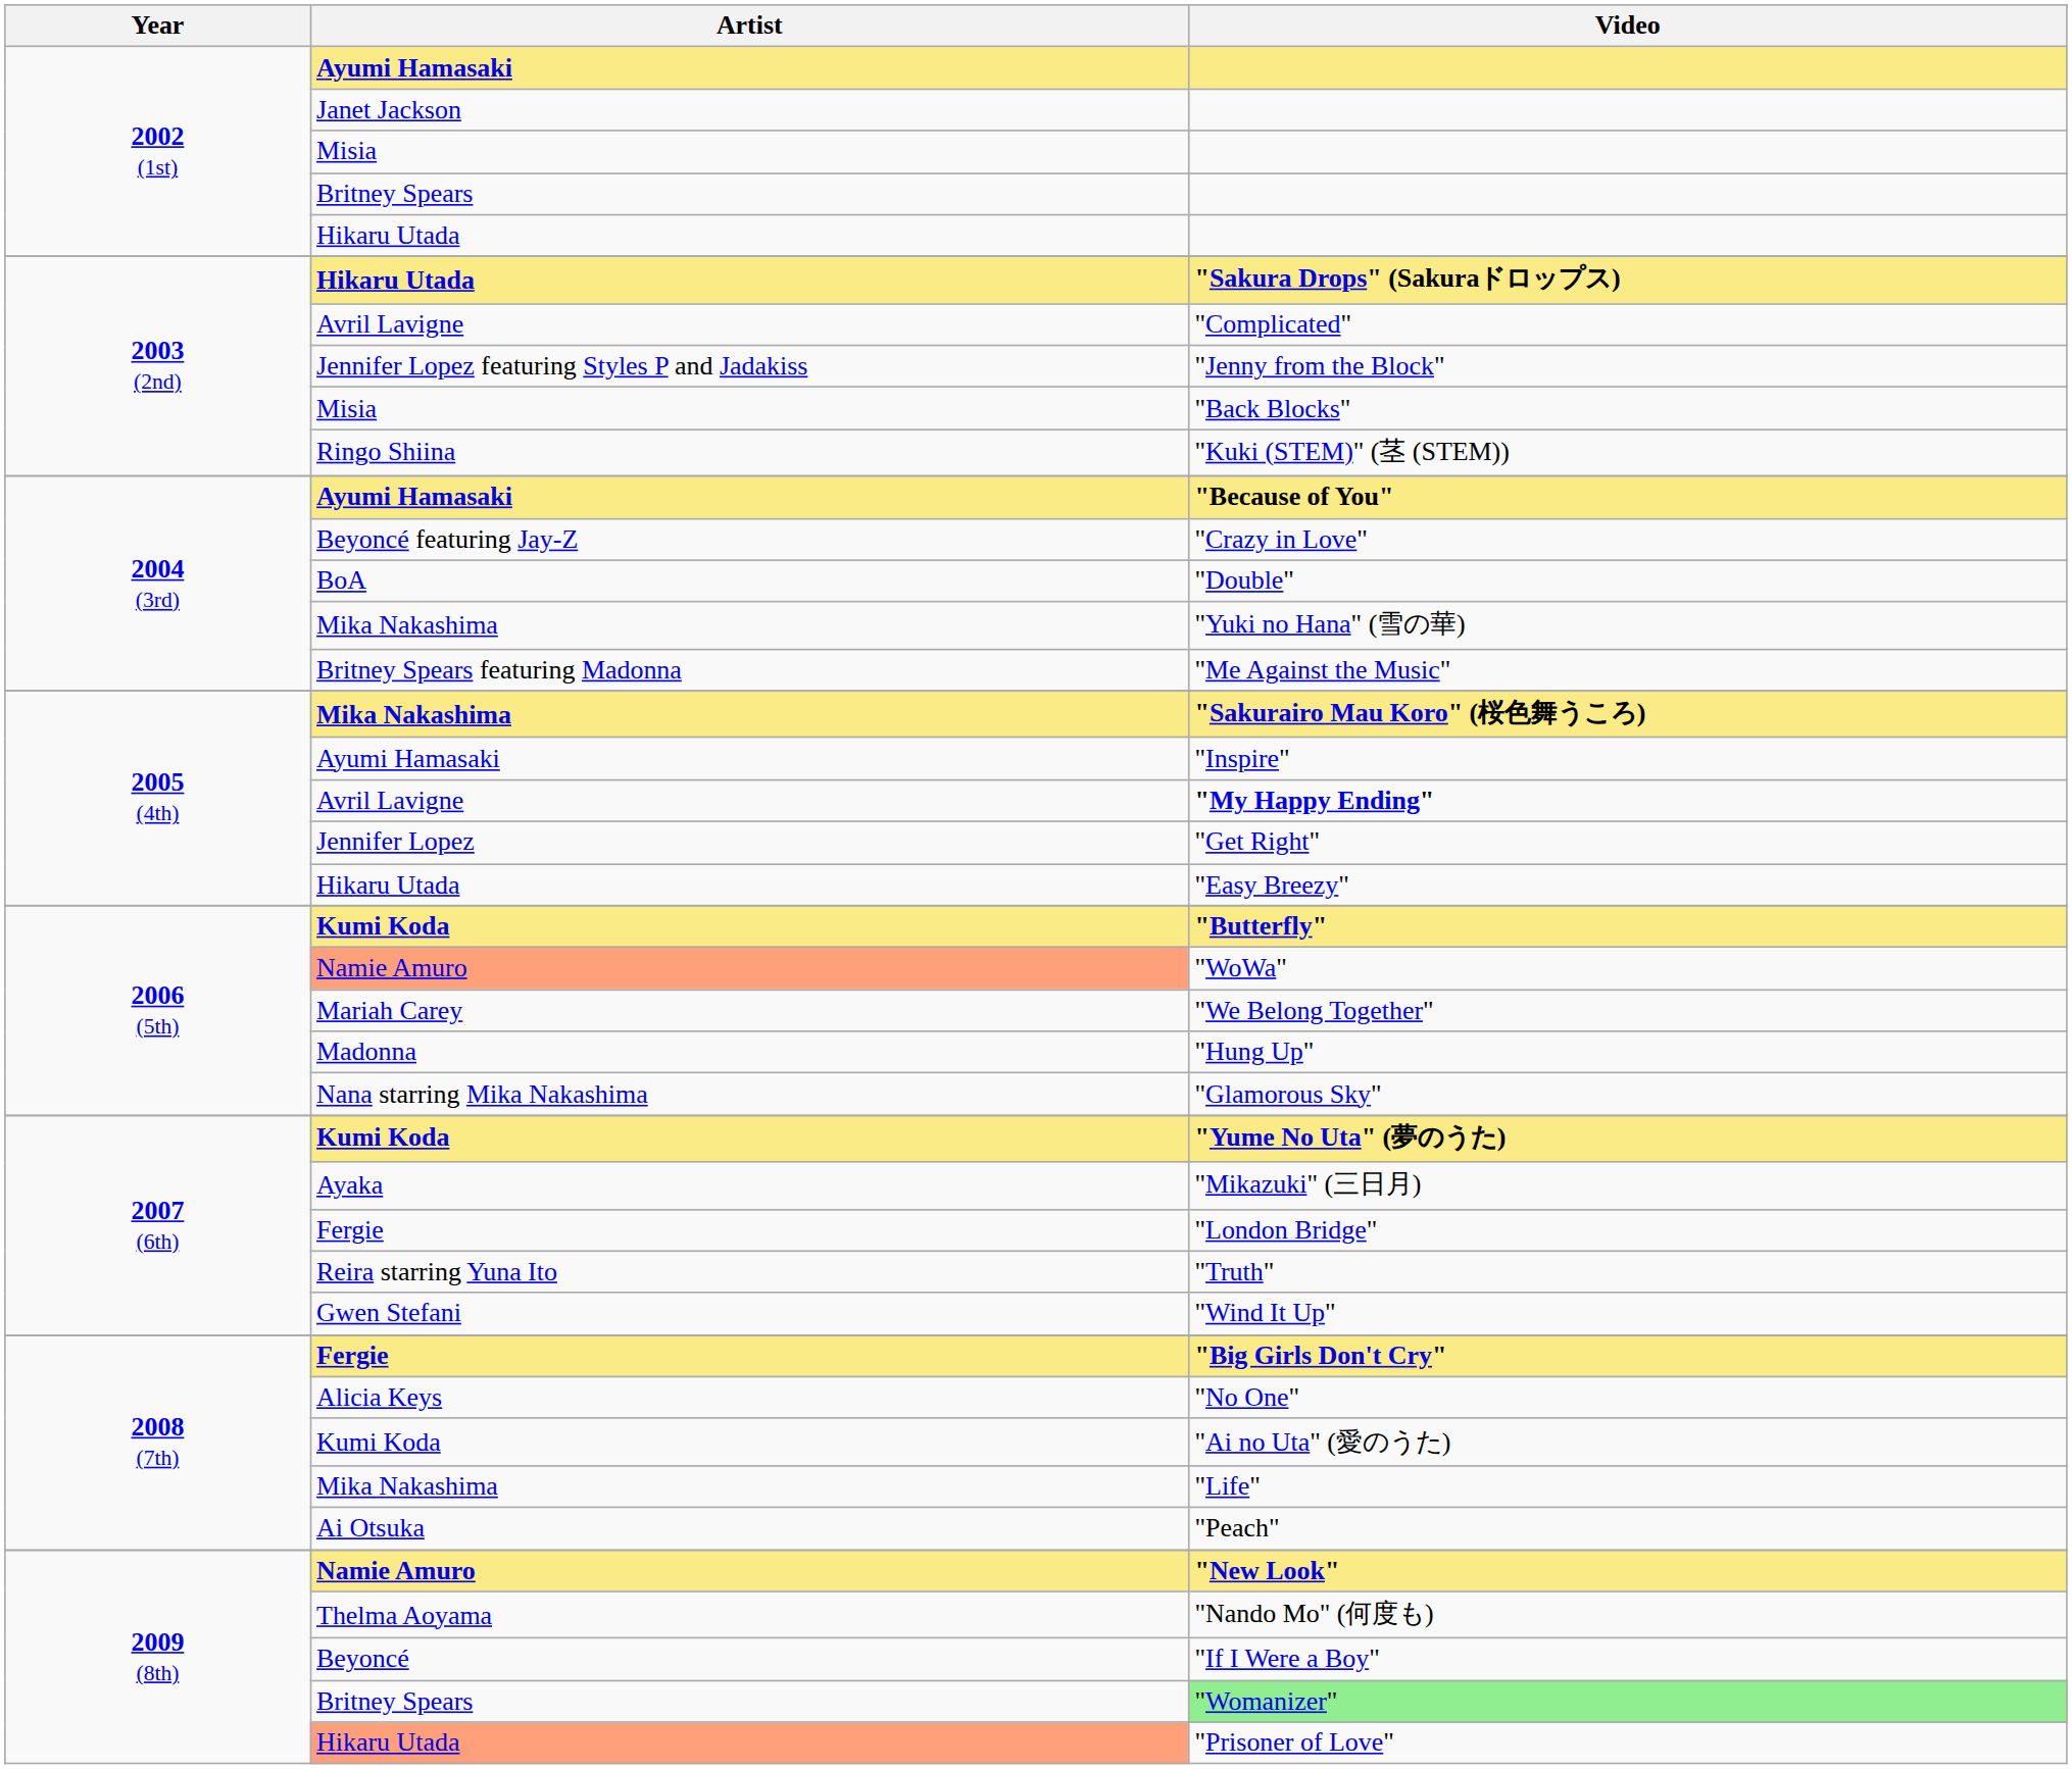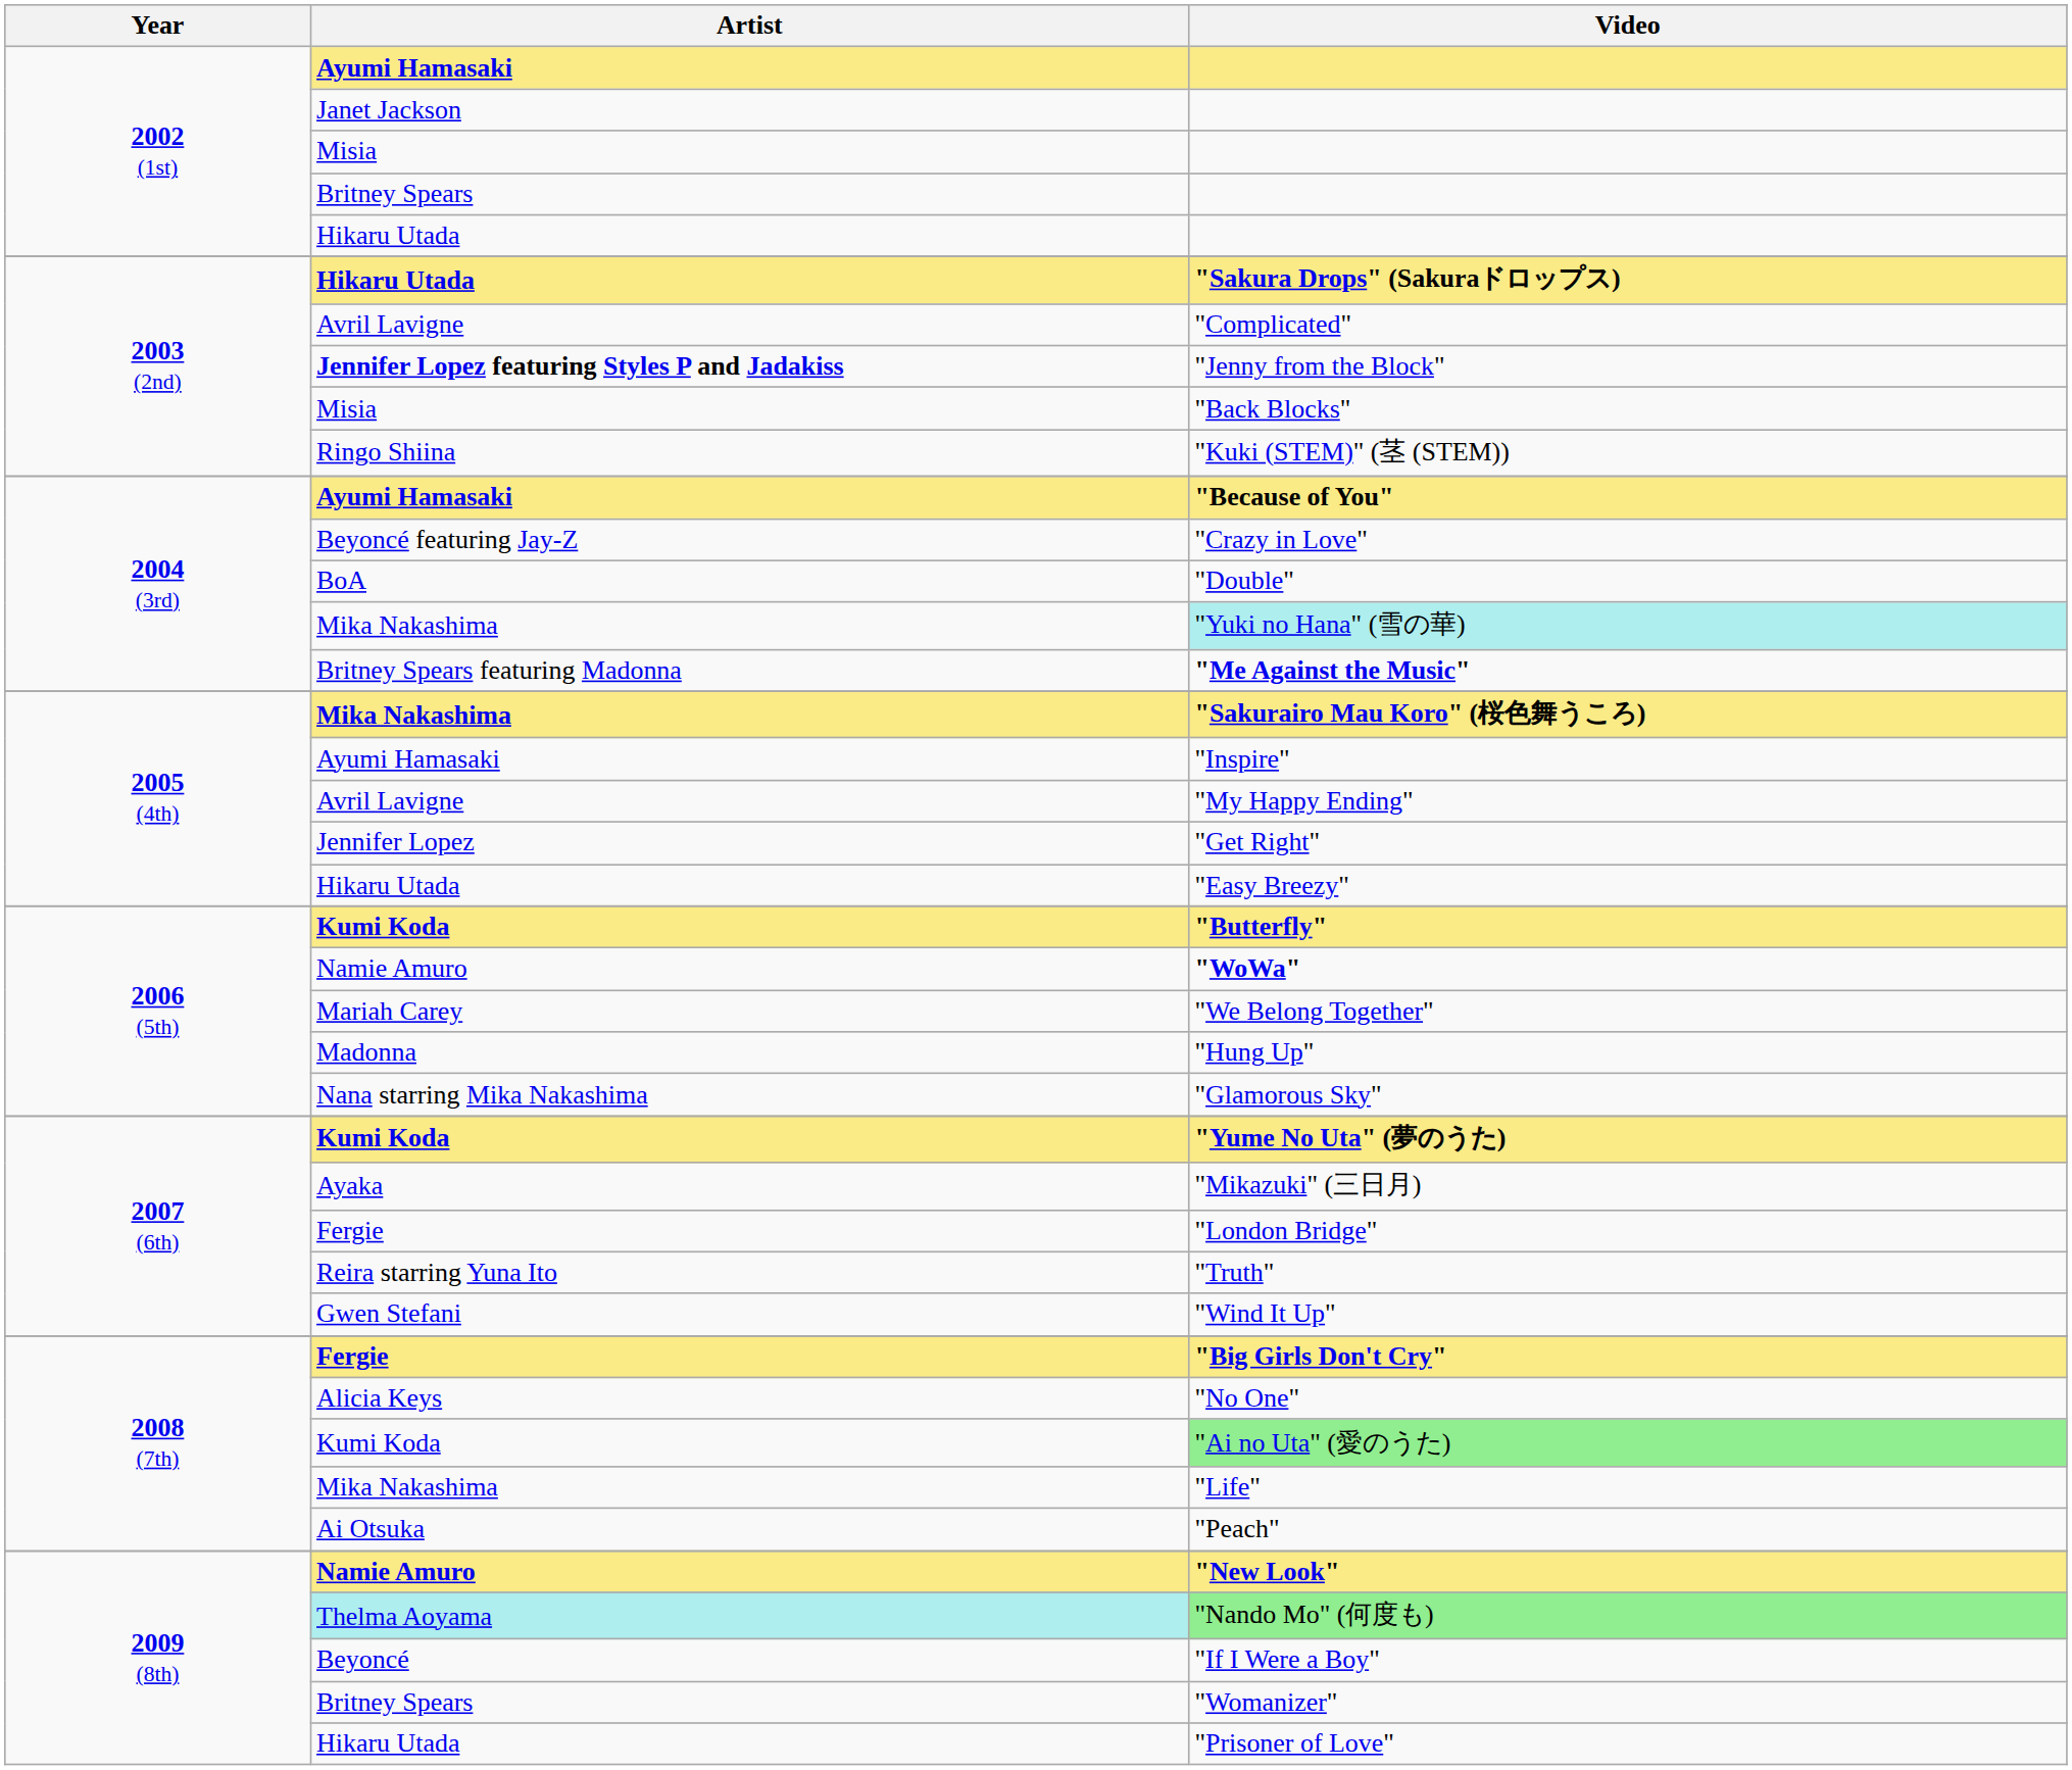 <table class="sortable wikitable">
 <tr>
 <th width="8%">Year</th>
 <th width="23%">Artist</th>
 <th width="23%">Video</th>
 </tr>
 <tr>
 <td rowspan=5 style="text-align:center"><strong><a href='#'>2002</a></strong><br><small><a href='#'>(1st)</a></small></td>
 <td style="background:#FAEB86"><strong><a href='#'>Ayumi Hamasaki</a></strong></td>
 <td style="background:#FAEB86"></td>
 </tr>
 <tr>
 <td><a href='#'>Janet Jackson</a></td>
 <td></td>
 </tr>
 <tr>
 <td><a href='#'>Misia</a></td>
 <td></td>
 </tr>
 <tr>
 <td><a href='#'>Britney Spears</a></td>
 <td></td>
 </tr>
 <tr>
 <td><a href='#'>Hikaru Utada</a></td>
 <td></td>
 </tr>
 <tr>
 </tr>
 <tr>
 <td rowspan=5 style="text-align:center"><strong><a href='#'>2003</a></strong><br><small><a href='#'>(2nd)</a></small></td>
 <td style="background:#FAEB86"><strong><a href='#'>Hikaru Utada</a></strong></td>
 <td style="background:#FAEB86"><strong>"<a href='#'>Sakura Drops</a>" (Sakuraドロップス)</strong></td>
 </tr>
 <tr>
 <td><a href='#'>Avril Lavigne</a></td>
 <td>"<a href='#'>Complicated</a>"</td>
 </tr>
 <tr>
-<td><a href='#'>Jennifer Lopez</a> featuring <a href='#'>Styles P</a> and <a href='#'>Jadakiss</a></td>
+<td><strong><a href='#'>Jennifer Lopez</a> featuring <a href='#'>Styles P</a> and <a href='#'>Jadakiss</a></strong></td>
 <td>"<a href='#'>Jenny from the Block</a>"</td>
 </tr>
 <tr>
 <td><a href='#'>Misia</a></td>
 <td>"<a href='#'>Back Blocks</a>"</td>
 </tr>
 <tr>
 <td><a href='#'>Ringo Shiina</a></td>
 <td>"<a href='#'>Kuki (STEM)</a>" (茎 (STEM))</td>
 </tr>
 <tr>
 </tr>
 <tr>
 <td rowspan=5 style="text-align:center"><strong><a href='#'>2004</a></strong><br><small><a href='#'>(3rd)</a></small></td>
 <td style="background:#FAEB86"><strong><a href='#'>Ayumi Hamasaki</a></strong></td>
 <td style="background:#FAEB86"><strong>"Because of You"</strong></td>
 </tr>
 <tr>
 <td><a href='#'>Beyoncé</a> featuring <a href='#'>Jay-Z</a></td>
 <td>"<a href='#'>Crazy in Love</a>"</td>
 </tr>
 <tr>
 <td><a href='#'>BoA</a></td>
 <td>"<a href='#'>Double</a>"</td>
 </tr>
 <tr>
 <td><a href='#'>Mika Nakashima</a></td>
-<td>"<a href='#'>Yuki no Hana</a>" (雪の華)</td>
+<td style="background: paleturquoise;">"<a href='#'>Yuki no Hana</a>" (雪の華)</td>
 </tr>
 <tr>
 <td><a href='#'>Britney Spears</a> featuring <a href='#'>Madonna</a></td>
-<td>"<a href='#'>Me Against the Music</a>"</td>
+<td><strong>"<a href='#'>Me Against the Music</a>"</strong></td>
 </tr>
 <tr>
 </tr>
 <tr>
 <td rowspan=5 style="text-align:center"><strong><a href='#'>2005</a></strong><br><small><a href='#'>(4th)</a></small></td>
 <td style="background:#FAEB86"><strong><a href='#'>Mika Nakashima</a></strong></td>
 <td style="background:#FAEB86"><strong>"<a href='#'>Sakurairo Mau Koro</a>" (桜色舞うころ)</strong></td>
 </tr>
 <tr>
 <td><a href='#'>Ayumi Hamasaki</a></td>
 <td>"<a href='#'>Inspire</a>"</td>
 </tr>
 <tr>
 <td><a href='#'>Avril Lavigne</a></td>
-<td><strong>"<a href='#'>My Happy Ending</a>"</strong></td>
+<td>"<a href='#'>My Happy Ending</a>"</td>
 </tr>
 <tr>
 <td><a href='#'>Jennifer Lopez</a></td>
 <td>"<a href='#'>Get Right</a>"</td>
 </tr>
 <tr>
 <td><a href='#'>Hikaru Utada</a></td>
 <td>"<a href='#'>Easy Breezy</a>"</td>
 </tr>
 <tr>
 </tr>
 <tr>
 <td rowspan=5 style="text-align:center"><strong><a href='#'>2006</a></strong><br><small><a href='#'>(5th)</a></small></td>
 <td style="background:#FAEB86"><strong><a href='#'>Kumi Koda</a></strong></td>
 <td style="background:#FAEB86"><strong>"<a href='#'>Butterfly</a>"</strong></td>
 </tr>
 <tr>
-<td style="background: lightsalmon;"><a href='#'>Namie Amuro</a></td>
-<td>"<a href='#'>WoWa</a>"</td>
+<td><a href='#'>Namie Amuro</a></td>
+<td><strong>"<a href='#'>WoWa</a>"</strong></td>
 </tr>
 <tr>
 <td><a href='#'>Mariah Carey</a></td>
 <td>"<a href='#'>We Belong Together</a>"</td>
 </tr>
 <tr>
 <td><a href='#'>Madonna</a></td>
 <td>"<a href='#'>Hung Up</a>"</td>
 </tr>
 <tr>
 <td><a href='#'>Nana</a> starring <a href='#'>Mika Nakashima</a></td>
 <td>"<a href='#'>Glamorous Sky</a>"</td>
 </tr>
 <tr>
 </tr>
 <tr>
 <td rowspan=5 style="text-align:center"><strong><a href='#'>2007</a></strong><br><small><a href='#'>(6th)</a></small></td>
 <td style="background:#FAEB86"><strong><a href='#'>Kumi Koda</a></strong></td>
 <td style="background:#FAEB86"><strong>"<a href='#'>Yume No Uta</a>" (夢のうた)</strong></td>
 </tr>
 <tr>
 <td><a href='#'>Ayaka</a></td>
 <td>"<a href='#'>Mikazuki</a>" (三日月)</td>
 </tr>
 <tr>
 <td><a href='#'>Fergie</a></td>
 <td>"<a href='#'>London Bridge</a>"</td>
 </tr>
 <tr>
 <td><a href='#'>Reira</a> starring <a href='#'>Yuna Ito</a></td>
 <td>"<a href='#'>Truth</a>"</td>
 </tr>
 <tr>
 <td><a href='#'>Gwen Stefani</a></td>
 <td>"<a href='#'>Wind It Up</a>"</td>
 </tr>
 <tr>
 </tr>
 <tr>
 <td rowspan=5 style="text-align:center"><strong><a href='#'>2008</a></strong><br><small><a href='#'>(7th)</a></small></td>
 <td style="background:#FAEB86"><strong><a href='#'>Fergie</a></strong></td>
 <td style="background:#FAEB86"><strong>"<a href='#'>Big Girls Don't Cry</a>"</strong></td>
 </tr>
 <tr>
 <td><a href='#'>Alicia Keys</a></td>
 <td>"<a href='#'>No One</a>"</td>
 </tr>
 <tr>
 <td><a href='#'>Kumi Koda</a></td>
-<td>"<a href='#'>Ai no Uta</a>" (愛のうた)</td>
+<td style="background: lightgreen;">"<a href='#'>Ai no Uta</a>" (愛のうた)</td>
 </tr>
 <tr>
 <td><a href='#'>Mika Nakashima</a></td>
 <td>"<a href='#'>Life</a>"</td>
 </tr>
 <tr>
 <td><a href='#'>Ai Otsuka</a></td>
 <td>"Peach"</td>
 </tr>
 <tr>
 </tr>
 <tr>
 <td rowspan=5 style="text-align:center"><strong><a href='#'>2009</a></strong><br><small><a href='#'>(8th)</a></small></td>
 <td style="background:#FAEB86"><strong><a href='#'>Namie Amuro</a></strong></td>
 <td style="background:#FAEB86"><strong>"<a href='#'>New Look</a>"</strong></td>
 </tr>
 <tr>
-<td><a href='#'>Thelma Aoyama</a></td>
-<td>"Nando Mo" (何度も)</td>
+<td style="background: paleturquoise;"><a href='#'>Thelma Aoyama</a></td>
+<td style="background: lightgreen;">"Nando Mo" (何度も)</td>
 </tr>
 <tr>
 <td><a href='#'>Beyoncé</a></td>
 <td>"<a href='#'>If I Were a Boy</a>"</td>
 </tr>
 <tr>
 <td><a href='#'>Britney Spears</a></td>
-<td style="background: lightgreen;">"<a href='#'>Womanizer</a>"</td>
+<td>"<a href='#'>Womanizer</a>"</td>
 </tr>
 <tr>
-<td style="background: lightsalmon;"><a href='#'>Hikaru Utada</a></td>
+<td><a href='#'>Hikaru Utada</a></td>
 <td>"<a href='#'>Prisoner of Love</a>"</td>
 </tr>
 </table>
